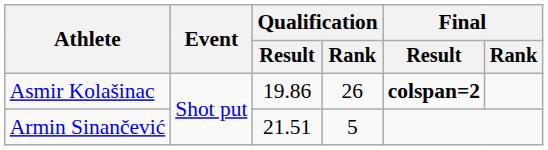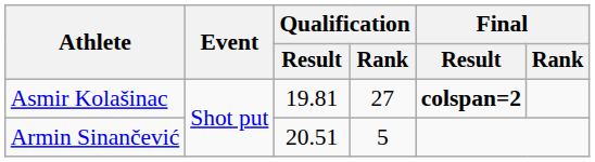 <table class=wikitable style=font-size:90%>
 <tr>
 <th rowspan=2>Athlete</th>
 <th rowspan=2>Event</th>
 <th colspan=2>Qualification</th>
 <th colspan=2>Final</th>
 </tr>
 <tr style=font-size:95%>
 <th>Result</th>
 <th>Rank</th>
 <th>Result</th>
 <th>Rank</th>
 </tr>
 <tr align=center>
 <td align=left><a href='#'>Asmir Kolašinac</a></td>
 <td align=left rowspan=2><a href='#'>Shot put</a></td>
-<td>19.86</td>
-<td>26</td>
+<td>19.81</td>
+<td>27</td>
 <td><strong>colspan=2 </strong></td>
 </tr>
 <tr align=center>
 <td align=left><a href='#'>Armin Sinančević</a></td>
-<td>21.51 </td>
+<td>20.51 </td>
 <td>5 </td>
 <td colspan=2><strong></strong></td>
 </tr>
 </table>
